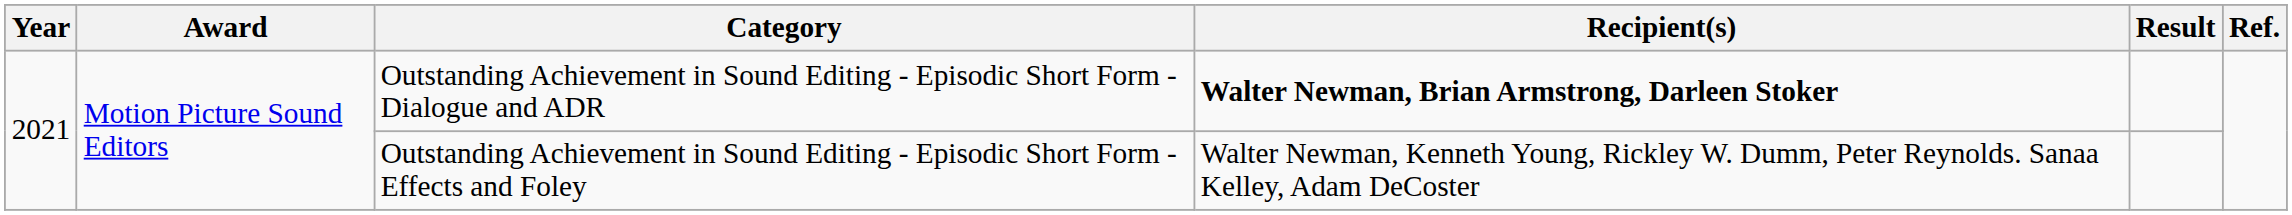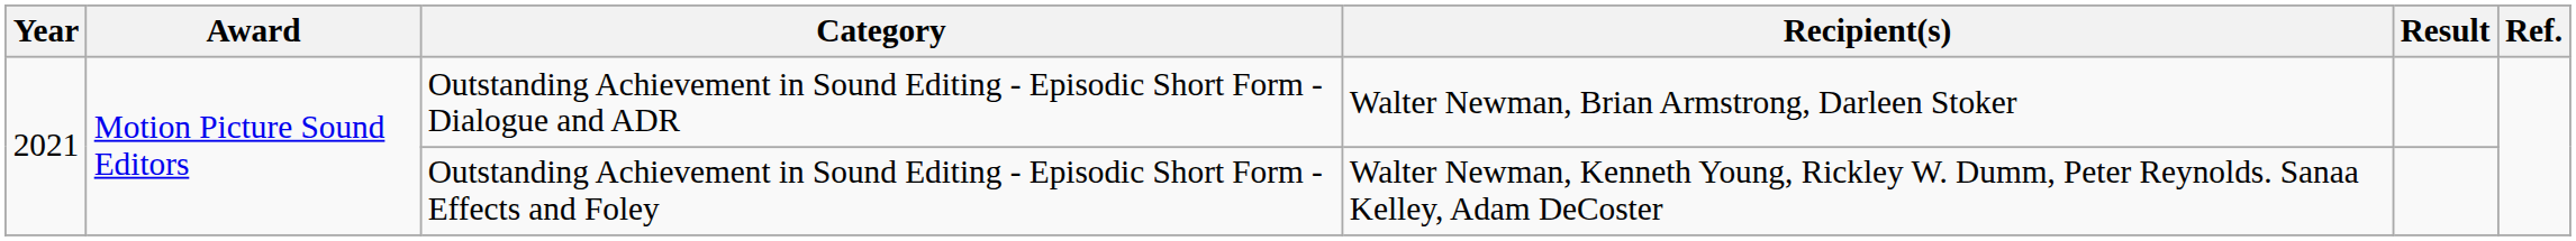 <table class="wikitable">
 <tr>
 <th>Year</th>
 <th>Award</th>
 <th>Category</th>
 <th>Recipient(s)</th>
 <th>Result</th>
 <th>Ref.</th>
 </tr>
 <tr>
 <td rowspan="2">2021</td>
 <td rowspan="2"><a href='#'>Motion Picture Sound Editors</a></td>
 <td>Outstanding Achievement in Sound Editing - Episodic Short Form - Dialogue and ADR</td>
-<td><strong>Walter Newman, Brian Armstrong, Darleen Stoker</strong></td>
+<td>Walter Newman, Brian Armstrong, Darleen Stoker</td>
 <td></td>
 <td rowspan="2" style="text-align:center;"></td>
 </tr>
 <tr>
 <td>Outstanding Achievement in Sound Editing - Episodic Short Form - Effects and Foley</td>
 <td>Walter Newman, Kenneth Young, Rickley W. Dumm, Peter Reynolds. Sanaa Kelley, Adam DeCoster</td>
 <td></td>
 </tr>
 </table>
